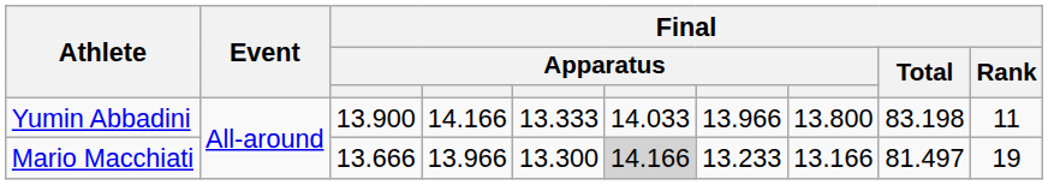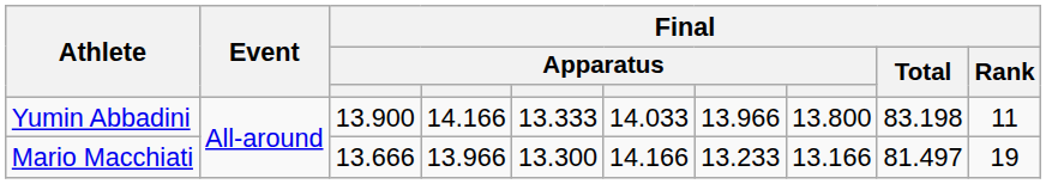 <table class="wikitable" style="font-size:90%">
 <tr>
 <th rowspan=3>Athlete</th>
 <th rowspan=3>Event</th>
 <th colspan =8>Final</th>
 </tr>
 <tr style="font-size:95%">
 <th colspan=6>Apparatus</th>
 <th rowspan=2>Total</th>
 <th rowspan=2>Rank</th>
 </tr>
 <tr style="font-size:95%">
 <th></th>
 <th></th>
 <th></th>
 <th></th>
 <th></th>
 <th></th>
 </tr>
 <tr align=center>
 <td align=left><a href='#'>Yumin Abbadini</a></td>
 <td align=left rowspan=2><a href='#'>All-around</a></td>
 <td>13.900</td>
 <td>14.166</td>
 <td>13.333</td>
 <td>14.033</td>
 <td>13.966</td>
 <td>13.800</td>
 <td>83.198</td>
 <td>11</td>
 </tr>
 <tr align=center>
 <td align=left><a href='#'>Mario Macchiati</a></td>
 <td>13.666</td>
 <td>13.966</td>
 <td>13.300</td>
-<td style="background: lightgrey;">14.166</td>
+<td>14.166</td>
 <td>13.233</td>
 <td>13.166</td>
 <td>81.497</td>
 <td>19</td>
 </tr>
 </table>
